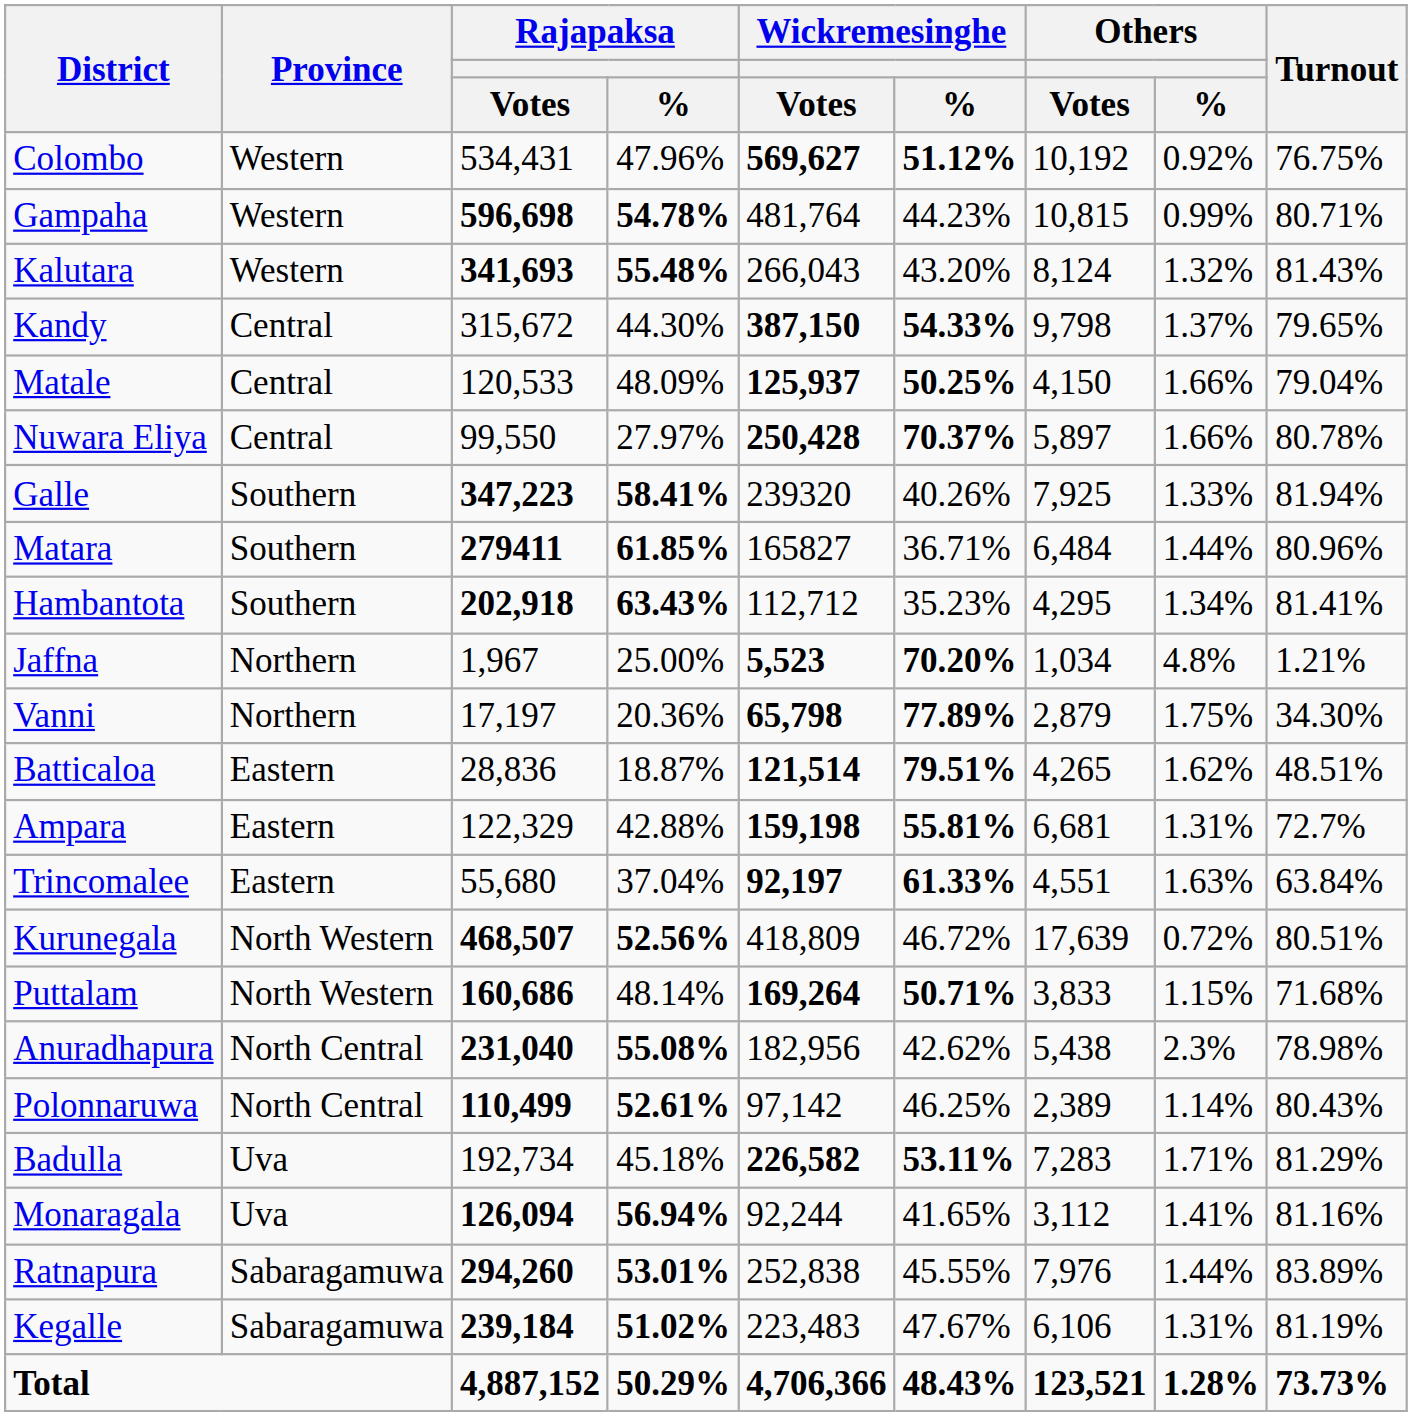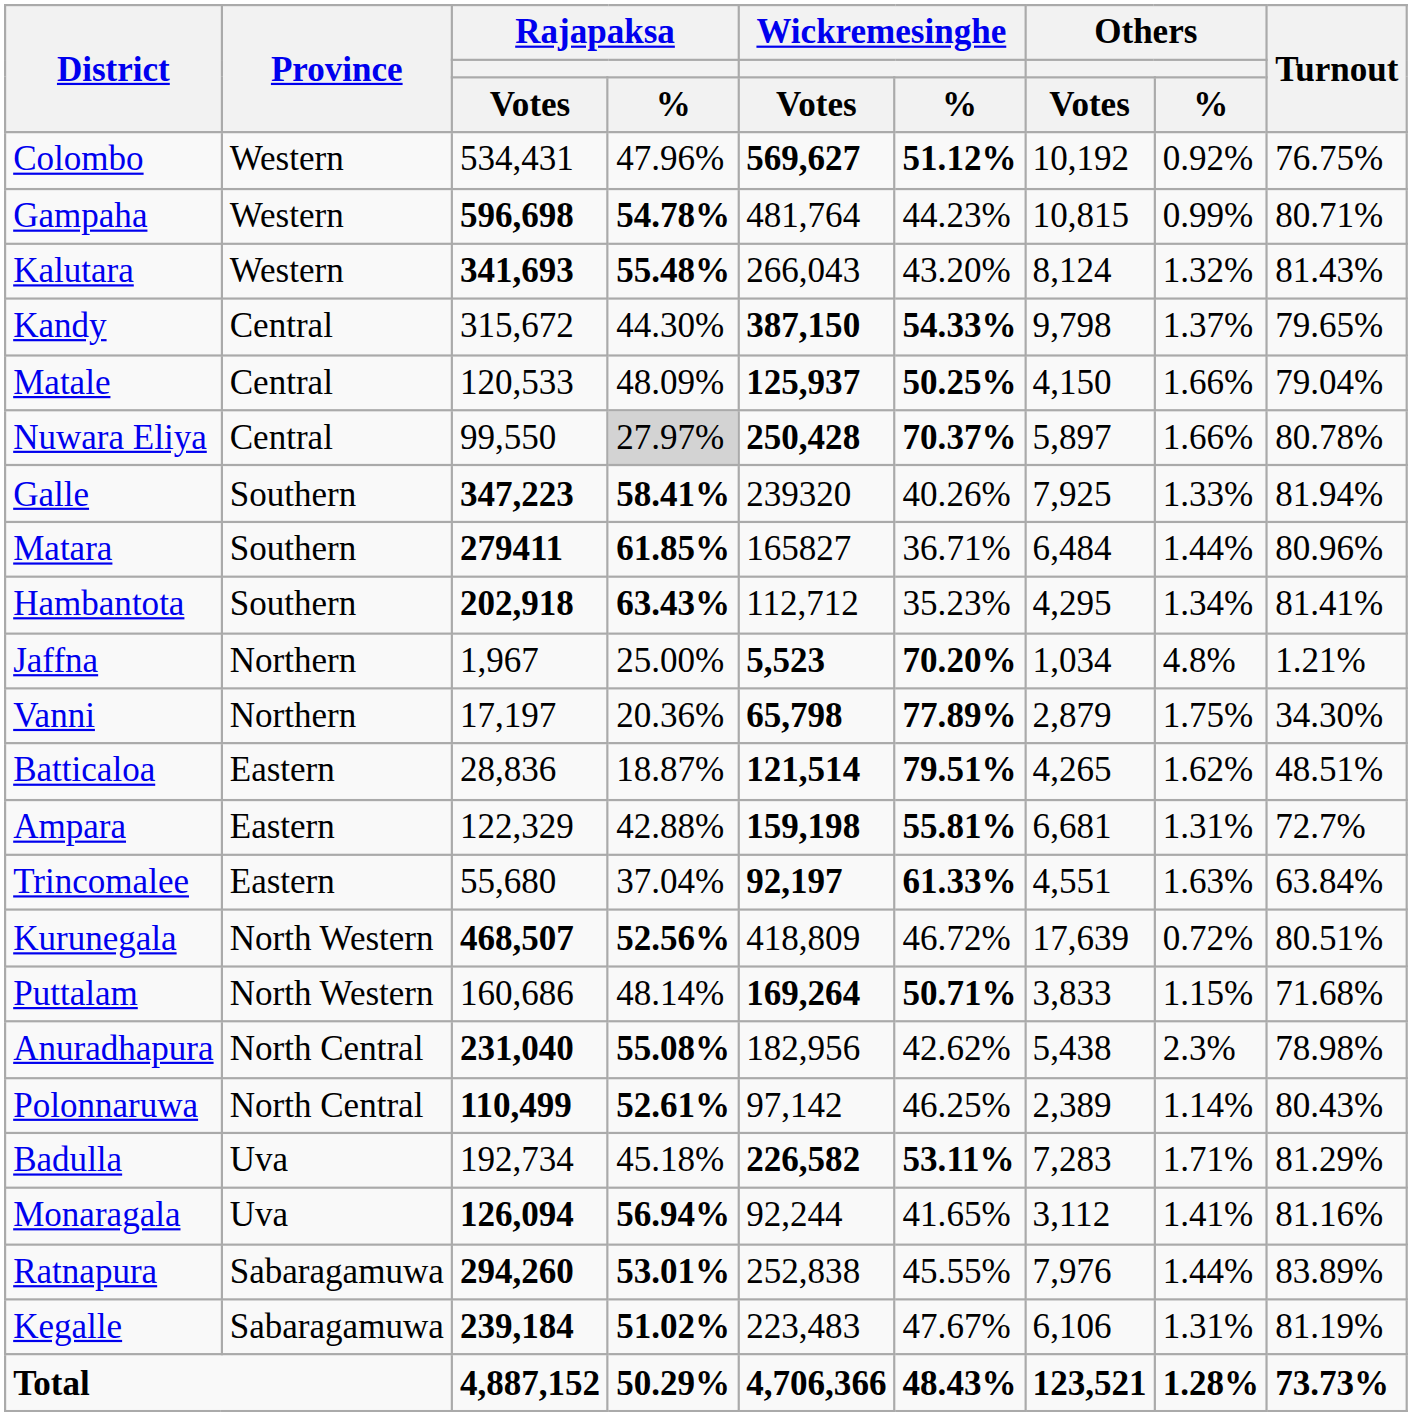 <table class="wikitable sortable" style="font-size:100%; style="text-align:right;">
 <tr>
 <th rowspan=3><a href='#'>District</a></th>
 <th rowspan=3><a href='#'>Province</a></th>
 <th colspan=2><a href='#'>Rajapaksa</a></th>
 <th colspan=2><a href='#'>Wickremesinghe</a></th>
 <th colspan=2>Others</th>
 <th rowspan=3>Turnout</th>
 </tr>
 <tr>
 <th colspan=2 style="background:"></th>
 <th colspan=2 style="background:"></th>
 <th colspan=2></th>
 </tr>
 <tr>
 <th>Votes</th>
 <th align=center>%</th>
 <th>Votes</th>
 <th align=center>%</th>
 <th>Votes</th>
 <th align=center>%</th>
 </tr>
 <tr>
 <td style="text-align:left;"><a href='#'>Colombo</a></td>
 <td>Western</td>
 <td>534,431</td>
 <td>47.96%</td>
 <td><strong>569,627</strong></td>
 <td><strong>51.12%</strong></td>
 <td>10,192</td>
 <td>0.92%</td>
 <td>76.75%</td>
 </tr>
 <tr>
 <td style="text-align:left;"><a href='#'>Gampaha</a></td>
 <td>Western</td>
 <td><strong>596,698</strong></td>
 <td><strong>54.78%</strong></td>
 <td>481,764</td>
 <td>44.23%</td>
 <td>10,815</td>
 <td>0.99%</td>
 <td>80.71%</td>
 </tr>
 <tr>
 <td style="text-align:left;"><a href='#'>Kalutara</a></td>
 <td>Western</td>
 <td><strong>341,693</strong></td>
 <td><strong>55.48%</strong></td>
 <td>266,043</td>
 <td>43.20%</td>
 <td>8,124</td>
 <td>1.32%</td>
 <td>81.43%</td>
 </tr>
 <tr>
 <td style="text-align:left;"><a href='#'>Kandy</a></td>
 <td>Central</td>
 <td>315,672</td>
 <td>44.30%</td>
 <td><strong>387,150</strong></td>
 <td><strong>54.33%</strong></td>
 <td>9,798</td>
 <td>1.37%</td>
 <td>79.65%</td>
 </tr>
 <tr>
 <td style="text-align:left;"><a href='#'>Matale</a></td>
 <td>Central</td>
 <td>120,533</td>
 <td>48.09%</td>
 <td><strong>125,937</strong></td>
 <td><strong>50.25%</strong></td>
 <td>4,150</td>
 <td>1.66%</td>
 <td>79.04%</td>
 </tr>
 <tr>
 <td style="text-align:left;"><a href='#'>Nuwara Eliya</a></td>
 <td>Central</td>
 <td>99,550</td>
-<td>27.97%</td>
+<td style="background: lightgrey;">27.97%</td>
 <td><strong>250,428</strong></td>
 <td><strong>70.37%</strong></td>
 <td>5,897</td>
 <td>1.66%</td>
 <td>80.78%</td>
 </tr>
 <tr>
 <td style="text-align:left;"><a href='#'>Galle</a></td>
 <td>Southern</td>
 <td><strong>347,223</strong></td>
 <td><strong>58.41%</strong></td>
 <td>239320</td>
 <td>40.26%</td>
 <td>7,925</td>
 <td>1.33%</td>
 <td>81.94%</td>
 </tr>
 <tr>
 <td style="text-align:left;"><a href='#'>Matara</a></td>
 <td>Southern</td>
 <td><strong>279411</strong></td>
 <td><strong>61.85%</strong></td>
 <td>165827</td>
 <td>36.71%</td>
 <td>6,484</td>
 <td>1.44%</td>
 <td>80.96%</td>
 </tr>
 <tr>
 <td style="text-align:left;"><a href='#'>Hambantota</a></td>
 <td>Southern</td>
 <td><strong>202,918</strong></td>
 <td><strong>63.43%</strong></td>
 <td>112,712</td>
 <td>35.23%</td>
 <td>4,295</td>
 <td>1.34%</td>
 <td>81.41%</td>
 </tr>
 <tr>
 <td style="text-align:left;"><a href='#'>Jaffna</a></td>
 <td>Northern</td>
 <td>1,967</td>
 <td>25.00%</td>
 <td><strong>5,523</strong></td>
 <td><strong>70.20%</strong></td>
 <td>1,034</td>
 <td>4.8%</td>
 <td>1.21%</td>
 </tr>
 <tr>
 <td style="text-align:left;"><a href='#'>Vanni</a></td>
 <td>Northern</td>
 <td>17,197</td>
 <td>20.36%</td>
 <td><strong>65,798</strong></td>
 <td><strong>77.89%</strong></td>
 <td>2,879</td>
 <td>1.75%</td>
 <td>34.30%</td>
 </tr>
 <tr>
 <td style="text-align:left;"><a href='#'>Batticaloa</a></td>
 <td>Eastern</td>
 <td>28,836</td>
 <td>18.87%</td>
 <td><strong>121,514</strong></td>
 <td><strong>79.51%</strong></td>
 <td>4,265</td>
 <td>1.62%</td>
 <td>48.51%</td>
 </tr>
 <tr>
 <td style="text-align:left;"><a href='#'>Ampara</a></td>
 <td>Eastern</td>
 <td>122,329</td>
 <td>42.88%</td>
 <td><strong>159,198</strong></td>
 <td><strong>55.81%</strong></td>
 <td>6,681</td>
 <td>1.31%</td>
 <td>72.7%</td>
 </tr>
 <tr>
 <td style="text-align:left;"><a href='#'>Trincomalee</a></td>
 <td>Eastern</td>
 <td>55,680</td>
 <td>37.04%</td>
 <td><strong>92,197</strong></td>
 <td><strong>61.33%</strong></td>
 <td>4,551</td>
 <td>1.63%</td>
 <td>63.84%</td>
 </tr>
 <tr>
 <td style="text-align:left;"><a href='#'>Kurunegala</a></td>
 <td>North Western</td>
 <td><strong>468,507</strong></td>
 <td><strong>52.56%</strong></td>
 <td>418,809</td>
 <td>46.72%</td>
 <td>17,639</td>
 <td>0.72%</td>
 <td>80.51%</td>
 </tr>
 <tr>
 <td style="text-align:left;"><a href='#'>Puttalam</a></td>
 <td>North Western</td>
-<td><strong>160,686</strong></td>
+<td>160,686</td>
 <td>48.14%</td>
 <td><strong>169,264</strong></td>
 <td><strong>50.71%</strong></td>
 <td>3,833</td>
 <td>1.15%</td>
 <td>71.68%</td>
 </tr>
 <tr>
 <td style="text-align:left;"><a href='#'>Anuradhapura</a></td>
 <td>North Central</td>
 <td><strong>231,040</strong></td>
 <td><strong>55.08%</strong></td>
 <td>182,956</td>
 <td>42.62%</td>
 <td>5,438</td>
 <td>2.3%</td>
 <td>78.98%</td>
 </tr>
 <tr>
 <td style="text-align:left;"><a href='#'>Polonnaruwa</a></td>
 <td>North Central</td>
 <td><strong>110,499</strong></td>
 <td><strong>52.61%</strong></td>
 <td>97,142</td>
 <td>46.25%</td>
 <td>2,389</td>
 <td>1.14%</td>
 <td>80.43%</td>
 </tr>
 <tr>
 <td style="text-align:left;"><a href='#'>Badulla</a></td>
 <td>Uva</td>
 <td>192,734</td>
 <td>45.18%</td>
 <td><strong>226,582</strong></td>
 <td><strong>53.11%</strong></td>
 <td>7,283</td>
 <td>1.71%</td>
 <td>81.29%</td>
 </tr>
 <tr>
 <td style="text-align:left;"><a href='#'>Monaragala</a></td>
 <td>Uva</td>
 <td><strong>126,094</strong></td>
 <td><strong>56.94%</strong></td>
 <td>92,244</td>
 <td>41.65%</td>
 <td>3,112</td>
 <td>1.41%</td>
 <td>81.16%</td>
 </tr>
 <tr>
 <td style="text-align:left;"><a href='#'>Ratnapura</a></td>
 <td>Sabaragamuwa</td>
 <td><strong>294,260</strong></td>
 <td><strong>53.01%</strong></td>
 <td>252,838</td>
 <td>45.55%</td>
 <td>7,976</td>
 <td>1.44%</td>
 <td>83.89%</td>
 </tr>
 <tr>
 <td style="text-align:left;"><a href='#'>Kegalle</a></td>
 <td>Sabaragamuwa</td>
 <td><strong>239,184</strong></td>
 <td><strong>51.02%</strong></td>
 <td>223,483</td>
 <td>47.67%</td>
 <td>6,106</td>
 <td>1.31%</td>
 <td>81.19%</td>
 </tr>
 <tr class="sortbottom" style="font-weight:bold">
 <td colspan=2 align=left>Total</td>
 <td>4,887,152</td>
 <td>50.29%</td>
 <td>4,706,366</td>
 <td>48.43%</td>
 <td>123,521</td>
 <td>1.28%</td>
 <td>73.73%</td>
 </tr>
 </table>
